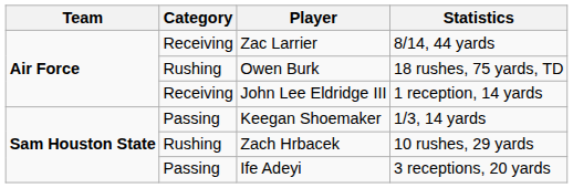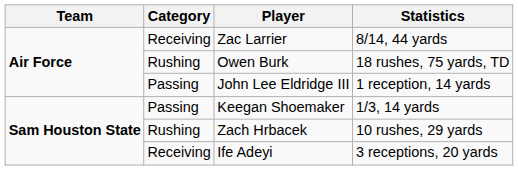 <table class="wikitable" style="float: right;">
 <tr>
 <th>Team</th>
 <th>Category</th>
 <th>Player</th>
 <th>Statistics</th>
 </tr>
 <tr>
 <td rowspan=3><strong>Air Force</strong></td>
 <td>Receiving</td>
 <td>Zac Larrier</td>
 <td>8/14, 44 yards</td>
 </tr>
 <tr>
 <td>Rushing</td>
 <td>Owen Burk</td>
 <td>18 rushes, 75 yards, TD</td>
 </tr>
 <tr>
-<td>Receiving</td>
+<td>Passing</td>
 <td>John Lee Eldridge III</td>
 <td>1 reception, 14 yards</td>
 </tr>
 <tr>
 <td rowspan=3><strong>Sam Houston State</strong></td>
 <td>Passing</td>
 <td>Keegan Shoemaker</td>
 <td>1/3, 14 yards</td>
 </tr>
 <tr>
 <td>Rushing</td>
 <td>Zach Hrbacek</td>
 <td>10 rushes, 29 yards</td>
 </tr>
 <tr>
-<td>Passing</td>
+<td>Receiving</td>
 <td>Ife Adeyi</td>
 <td>3 receptions, 20 yards</td>
 </tr>
 </table>
